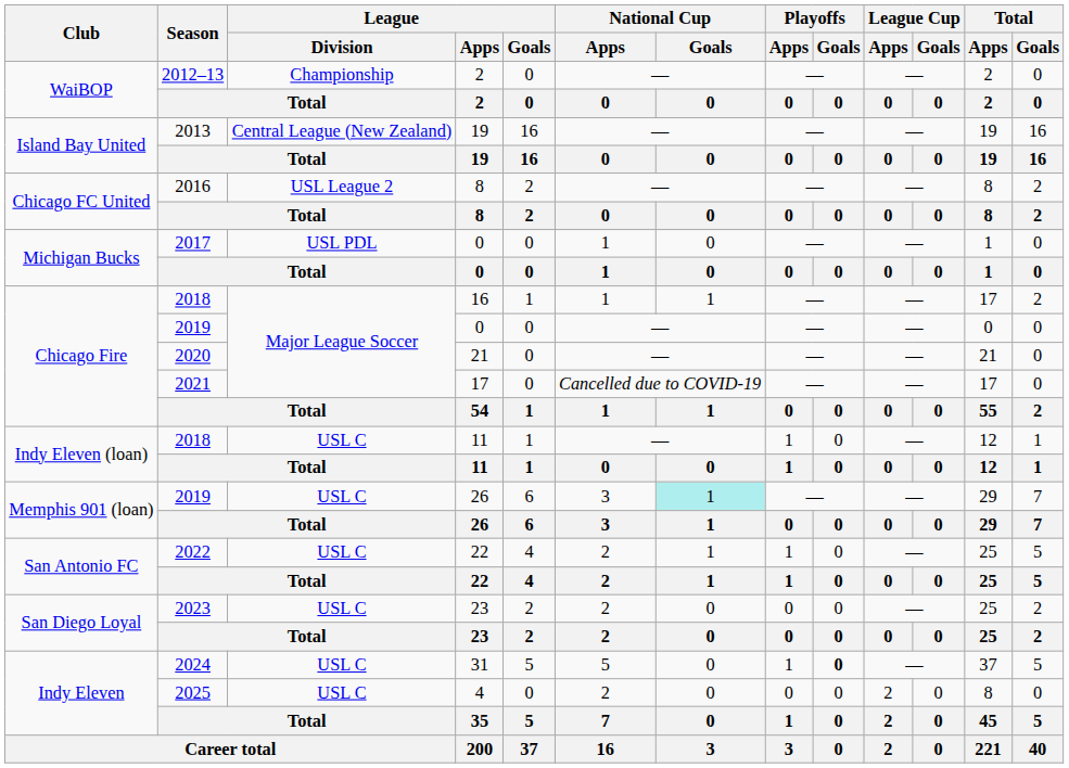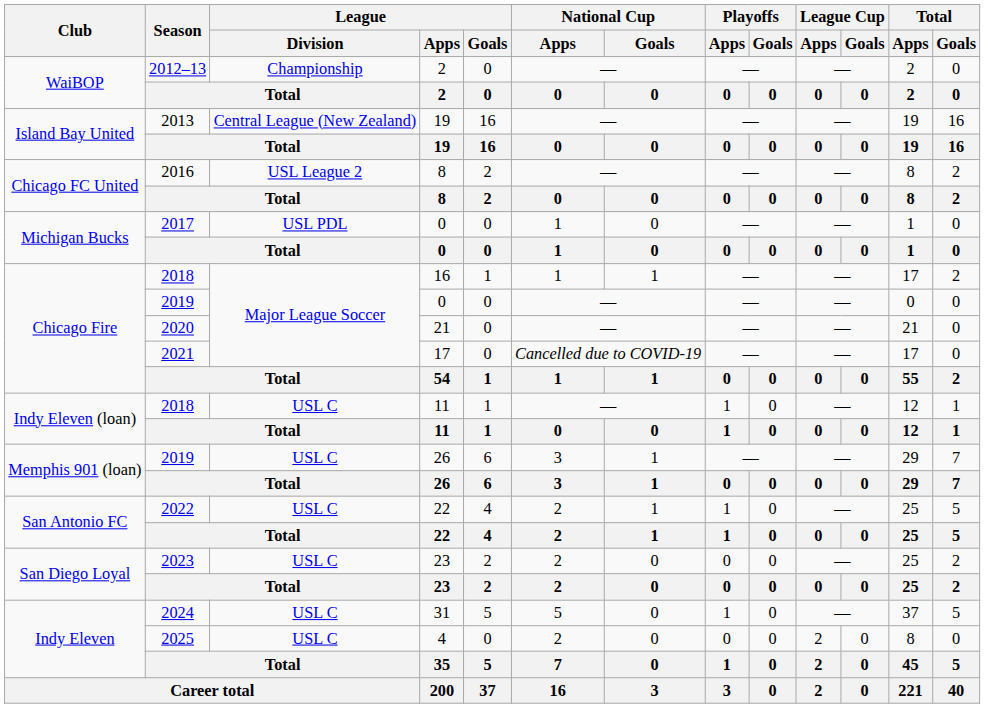 <table class="wikitable" style="text-align:center">
 <tr>
 <th rowspan="2">Club</th>
 <th rowspan="2">Season</th>
 <th colspan="3">League</th>
 <th colspan="2">National Cup</th>
 <th colspan="2">Playoffs</th>
 <th colspan="2">League Cup</th>
 <th colspan="2">Total</th>
 </tr>
 <tr>
 <th>Division</th>
 <th>Apps</th>
 <th>Goals</th>
 <th>Apps</th>
 <th>Goals</th>
 <th>Apps</th>
 <th>Goals</th>
 <th>Apps</th>
 <th>Goals</th>
 <th>Apps</th>
 <th>Goals</th>
 </tr>
 <tr>
 <td rowspan="2"><a href='#'>WaiBOP</a></td>
 <td><a href='#'>2012–13</a></td>
 <td><a href='#'>Championship</a></td>
 <td>2</td>
 <td>0</td>
 <td colspan="2">—</td>
 <td colspan="2">—</td>
 <td colspan="2">—</td>
 <td>2</td>
 <td>0</td>
 </tr>
 <tr>
 <th colspan="2">Total</th>
 <th>2</th>
 <th>0</th>
 <th>0</th>
 <th>0</th>
 <th>0</th>
 <th>0</th>
 <th>0</th>
 <th>0</th>
 <th>2</th>
 <th>0</th>
 </tr>
 <tr>
 <td rowspan="2"><a href='#'>Island Bay United</a></td>
 <td>2013</td>
 <td><a href='#'>Central League (New Zealand)</a></td>
 <td>19</td>
 <td>16</td>
 <td colspan="2">—</td>
 <td colspan="2">—</td>
 <td colspan="2">—</td>
 <td>19</td>
 <td>16</td>
 </tr>
 <tr>
 <th colspan="2">Total</th>
 <th>19</th>
 <th>16</th>
 <th>0</th>
 <th>0</th>
 <th>0</th>
 <th>0</th>
 <th>0</th>
 <th>0</th>
 <th>19</th>
 <th>16</th>
 </tr>
 <tr>
 <td rowspan="2"><a href='#'>Chicago FC United</a></td>
 <td>2016</td>
 <td><a href='#'>USL League 2</a></td>
 <td>8</td>
 <td>2</td>
 <td colspan="2">—</td>
 <td colspan="2">—</td>
 <td colspan="2">—</td>
 <td>8</td>
 <td>2</td>
 </tr>
 <tr>
 <th colspan="2">Total</th>
 <th>8</th>
 <th>2</th>
 <th>0</th>
 <th>0</th>
 <th>0</th>
 <th>0</th>
 <th>0</th>
 <th>0</th>
 <th>8</th>
 <th>2</th>
 </tr>
 <tr>
 <td rowspan="2"><a href='#'>Michigan Bucks</a></td>
 <td><a href='#'>2017</a></td>
 <td><a href='#'>USL PDL</a></td>
 <td>0</td>
 <td>0</td>
 <td>1</td>
 <td>0</td>
 <td colspan="2">—</td>
 <td colspan="2">—</td>
 <td>1</td>
 <td>0</td>
 </tr>
 <tr>
 <th colspan="2">Total</th>
 <th>0</th>
 <th>0</th>
 <th>1</th>
 <th>0</th>
 <th>0</th>
 <th>0</th>
 <th>0</th>
 <th>0</th>
 <th>1</th>
 <th>0</th>
 </tr>
 <tr>
 <td rowspan="5"><a href='#'>Chicago Fire</a></td>
 <td><a href='#'>2018</a></td>
 <td rowspan="4"><a href='#'>Major League Soccer</a></td>
 <td>16</td>
 <td>1</td>
 <td>1</td>
 <td>1</td>
 <td colspan="2">—</td>
 <td colspan="2">—</td>
 <td>17</td>
 <td>2</td>
 </tr>
 <tr>
 <td><a href='#'>2019</a></td>
 <td>0</td>
 <td>0</td>
 <td colspan="2">—</td>
 <td colspan="2">—</td>
 <td colspan="2">—</td>
 <td>0</td>
 <td>0</td>
 </tr>
 <tr>
 <td><a href='#'>2020</a></td>
 <td>21</td>
 <td>0</td>
 <td colspan="2">—</td>
 <td colspan="2">—</td>
 <td colspan="2">—</td>
 <td>21</td>
 <td>0</td>
 </tr>
 <tr>
 <td><a href='#'>2021</a></td>
 <td>17</td>
 <td>0</td>
 <td colspan="2"><em>Cancelled due to COVID-19</em></td>
 <td colspan="2">—</td>
 <td colspan="2">—</td>
 <td>17</td>
 <td>0</td>
 </tr>
 <tr>
 <th colspan="2">Total</th>
 <th>54</th>
 <th>1</th>
 <th>1</th>
 <th>1</th>
 <th>0</th>
 <th>0</th>
 <th>0</th>
 <th>0</th>
 <th>55</th>
 <th>2</th>
 </tr>
 <tr>
 <td rowspan="2"><a href='#'>Indy Eleven</a> (loan)</td>
 <td><a href='#'>2018</a></td>
 <td><a href='#'>USL C</a></td>
 <td>11</td>
 <td>1</td>
 <td colspan="2">—</td>
 <td>1</td>
 <td>0</td>
 <td colspan="2">—</td>
 <td>12</td>
 <td>1</td>
 </tr>
 <tr>
 <th colspan="2">Total</th>
 <th>11</th>
 <th>1</th>
 <th>0</th>
 <th>0</th>
 <th>1</th>
 <th>0</th>
 <th>0</th>
 <th>0</th>
 <th>12</th>
 <th>1</th>
 </tr>
 <tr>
 <td rowspan="2"><a href='#'>Memphis 901</a> (loan)</td>
 <td><a href='#'>2019</a></td>
 <td><a href='#'>USL C</a></td>
 <td>26</td>
 <td>6</td>
 <td>3</td>
-<td style="background: paleturquoise;">1</td>
+<td>1</td>
 <td colspan="2">—</td>
 <td colspan="2">—</td>
 <td>29</td>
 <td>7</td>
 </tr>
 <tr>
 <th colspan="2">Total</th>
 <th>26</th>
 <th>6</th>
 <th>3</th>
 <th>1</th>
 <th>0</th>
 <th>0</th>
 <th>0</th>
 <th>0</th>
 <th>29</th>
 <th>7</th>
 </tr>
 <tr>
 <td rowspan="2"><a href='#'>San Antonio FC</a></td>
 <td><a href='#'>2022</a></td>
 <td><a href='#'>USL C</a></td>
 <td>22</td>
 <td>4</td>
 <td>2</td>
 <td>1</td>
 <td>1</td>
 <td>0</td>
 <td colspan="2">—</td>
 <td>25</td>
 <td>5</td>
 </tr>
 <tr>
 <th colspan="2">Total</th>
 <th>22</th>
 <th>4</th>
 <th>2</th>
 <th>1</th>
 <th>1</th>
 <th>0</th>
 <th>0</th>
 <th>0</th>
 <th>25</th>
 <th>5</th>
 </tr>
 <tr>
 <td rowspan="2"><a href='#'>San Diego Loyal</a></td>
 <td><a href='#'>2023</a></td>
 <td><a href='#'>USL C</a></td>
 <td>23</td>
 <td>2</td>
 <td>2</td>
 <td>0</td>
 <td>0</td>
 <td>0</td>
 <td colspan="2">—</td>
 <td>25</td>
 <td>2</td>
 </tr>
 <tr>
 <th colspan="2">Total</th>
 <th>23</th>
 <th>2</th>
 <th>2</th>
 <th>0</th>
 <th>0</th>
 <th>0</th>
 <th>0</th>
 <th>0</th>
 <th>25</th>
 <th>2</th>
 </tr>
 <tr>
 <td rowspan="3"><a href='#'>Indy Eleven</a></td>
 <td><a href='#'>2024</a></td>
 <td><a href='#'>USL C</a></td>
 <td>31</td>
 <td>5</td>
 <td>5</td>
 <td>0</td>
 <td>1</td>
-<td><strong>0</strong></td>
+<td>0</td>
 <td colspan="2">—</td>
 <td>37</td>
 <td>5</td>
 </tr>
 <tr>
 <td><a href='#'>2025</a></td>
 <td><a href='#'>USL C</a></td>
 <td>4</td>
 <td>0</td>
 <td>2</td>
 <td>0</td>
 <td>0</td>
 <td>0</td>
 <td>2</td>
 <td>0</td>
 <td>8</td>
 <td>0</td>
 </tr>
 <tr>
 <th colspan="2">Total</th>
 <th>35</th>
 <th>5</th>
 <th>7</th>
 <th>0</th>
 <th>1</th>
 <th>0</th>
 <th>2</th>
 <th>0</th>
 <th>45</th>
 <th>5</th>
 </tr>
 <tr>
 <th colspan="3">Career total</th>
 <th>200</th>
 <th>37</th>
 <th>16</th>
 <th>3</th>
 <th>3</th>
 <th>0</th>
 <th>2</th>
 <th>0</th>
 <th>221</th>
 <th>40</th>
 </tr>
 </table>
